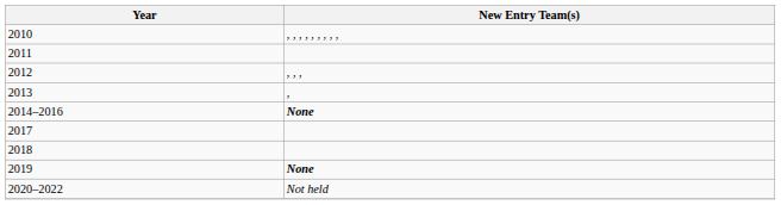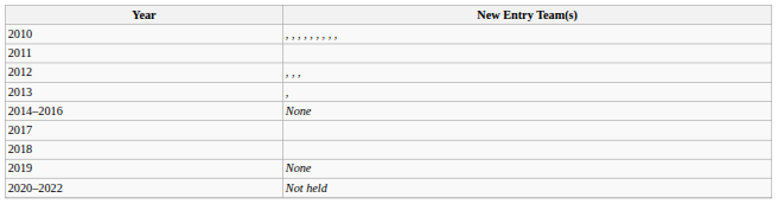 <table class="wikitable" style="width:80%;">
 <tr>
 <th>Year</th>
 <th>New Entry Team(s)</th>
 </tr>
 <tr>
 <td>2010</td>
 <td>, , , , , , , , , </td>
 </tr>
 <tr>
 <td>2011</td>
 <td></td>
 </tr>
 <tr>
 <td>2012</td>
 <td>, , , </td>
 </tr>
 <tr>
 <td>2013</td>
 <td>, </td>
 </tr>
 <tr>
 <td>2014–2016</td>
-<td><strong><em>None</em></strong></td>
+<td><em>None</em></td>
 </tr>
 <tr>
 <td>2017</td>
 <td></td>
 </tr>
 <tr>
 <td>2018</td>
 <td></td>
 </tr>
 <tr>
 <td>2019</td>
-<td><strong><em>None</em></strong></td>
+<td><em>None</em></td>
 </tr>
 <tr>
 <td>2020–2022</td>
 <td><em>Not held</em></td>
 </tr>
 <tr>
 </tr>
 </table>
